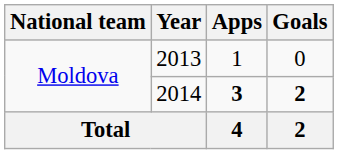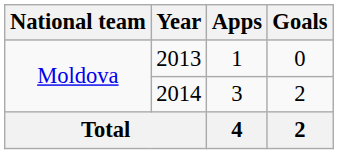 <table class="wikitable" style="text-align:center">
 <tr>
 <th>National team</th>
 <th>Year</th>
 <th>Apps</th>
 <th>Goals</th>
 </tr>
 <tr>
 <td rowspan="2"><a href='#'>Moldova</a></td>
 <td>2013</td>
 <td>1</td>
 <td>0</td>
 </tr>
 <tr>
 <td>2014</td>
-<td><strong>3</strong></td>
-<td><strong>2</strong></td>
+<td>3</td>
+<td>2</td>
 </tr>
 <tr>
 <th colspan="2">Total</th>
 <th>4</th>
 <th>2</th>
 </tr>
 </table>
